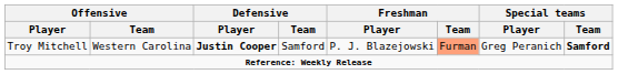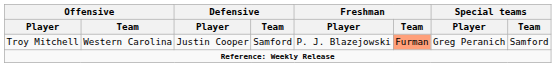 <table class="wikitable" border="1">
 <tr>
 <th colspan="2">Offensive</th>
 <th colspan="2">Defensive</th>
 <th colspan="2">Freshman</th>
 <th colspan="2">Special teams</th>
 </tr>
 <tr>
 <th>Player</th>
 <th>Team</th>
 <th>Player</th>
 <th>Team</th>
 <th>Player</th>
 <th>Team</th>
 <th>Player</th>
 <th>Team</th>
 </tr>
 <tr>
 <td>Troy Mitchell</td>
 <td>Western Carolina</td>
-<td><strong>Justin Cooper</strong></td>
+<td>Justin Cooper</td>
 <td>Samford</td>
 <td>P. J. Blazejowski</td>
 <td style="background: lightsalmon;">Furman</td>
 <td>Greg Peranich</td>
-<td><strong>Samford</strong></td>
+<td>Samford</td>
 </tr>
 <tr>
 <td colspan="8" style="font-size: 8pt" align="center"><strong>Reference: Weekly Release</strong></td>
 </tr>
 </table>
